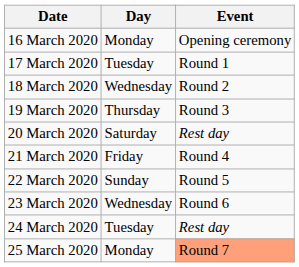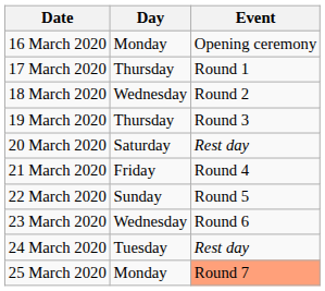 <table class="wikitable" style="display:inline-table">
 <tr>
 <th>Date</th>
 <th>Day</th>
 <th>Event</th>
 </tr>
 <tr>
 <td>16 March 2020</td>
 <td>Monday</td>
 <td>Opening ceremony</td>
 </tr>
 <tr>
 <td>17 March 2020</td>
-<td>Tuesday</td>
+<td>Thursday</td>
 <td>Round 1</td>
 </tr>
 <tr>
 <td>18 March 2020</td>
 <td>Wednesday</td>
 <td>Round 2</td>
 </tr>
 <tr>
 <td>19 March 2020</td>
 <td>Thursday</td>
 <td>Round 3</td>
 </tr>
 <tr>
 <td>20 March 2020</td>
 <td>Saturday</td>
 <td><em>Rest day</em></td>
 </tr>
 <tr>
 <td>21 March 2020</td>
 <td>Friday</td>
 <td>Round 4</td>
 </tr>
 <tr>
 <td>22 March 2020</td>
 <td>Sunday</td>
 <td>Round 5</td>
 </tr>
 <tr>
 <td>23 March 2020</td>
 <td>Wednesday</td>
 <td>Round 6</td>
 </tr>
 <tr>
 <td>24 March 2020</td>
 <td>Tuesday</td>
 <td><em>Rest day</em></td>
 </tr>
 <tr>
 <td>25 March 2020</td>
 <td>Monday</td>
 <td style="background: lightsalmon;">Round 7</td>
 </tr>
 </table>
